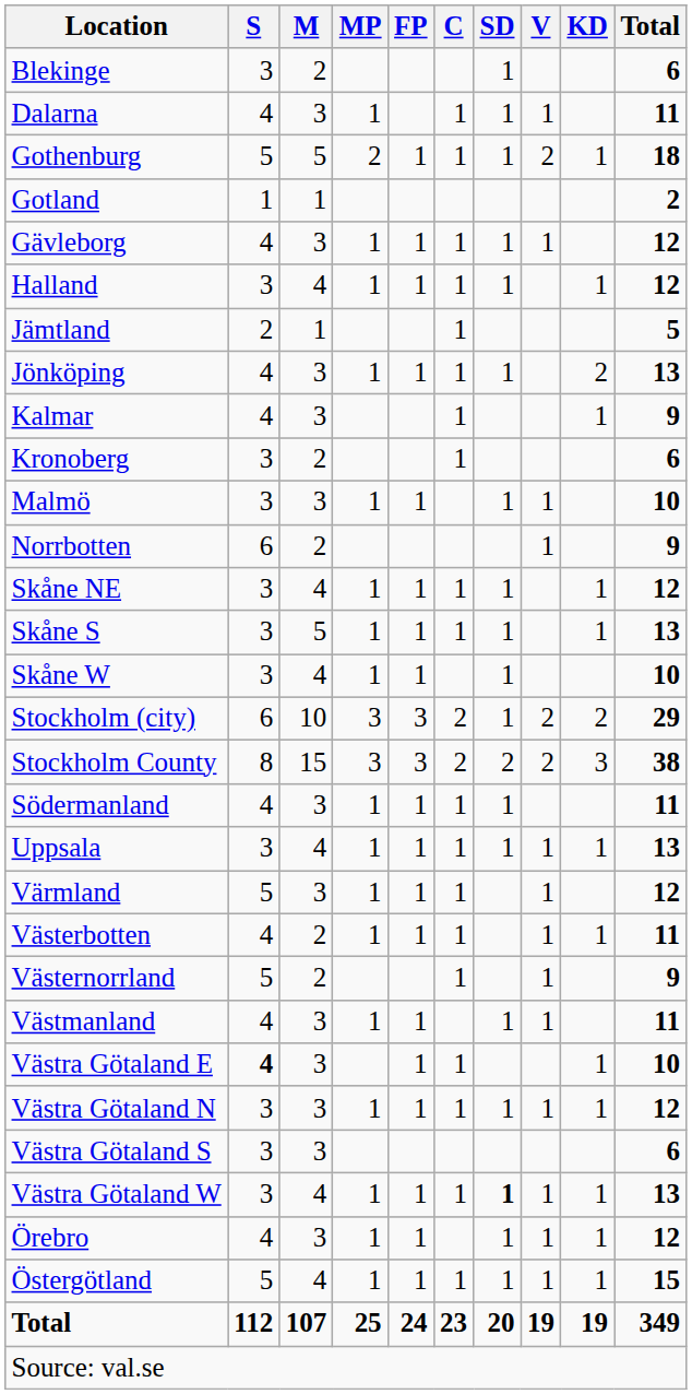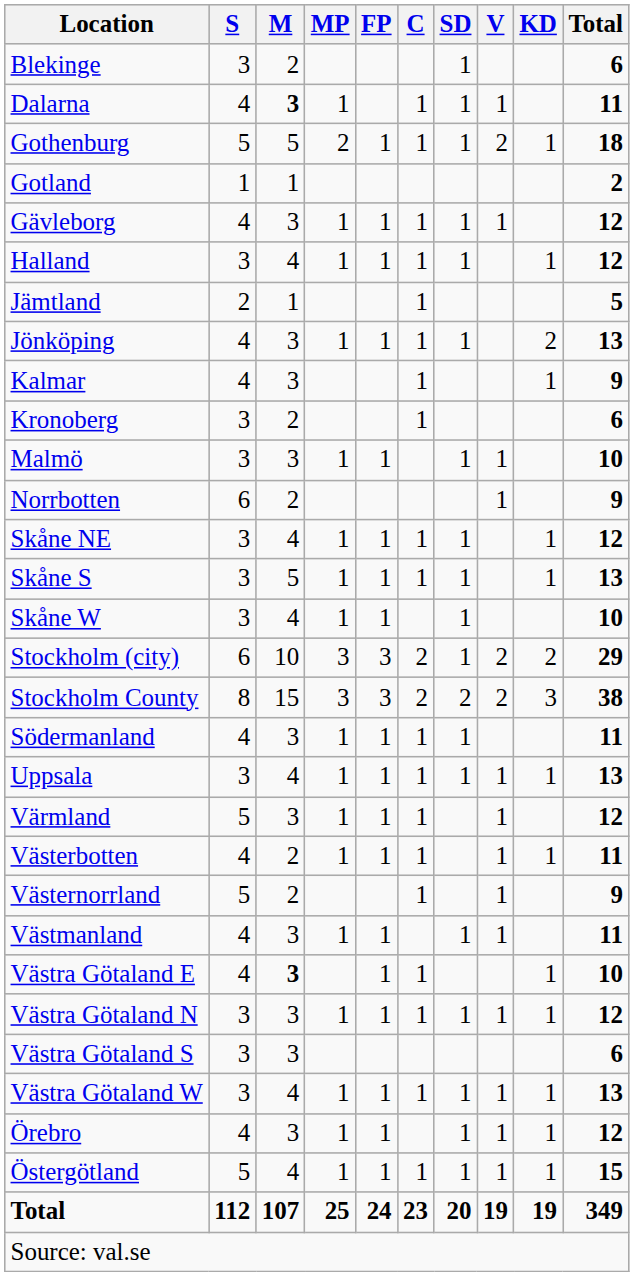 <table class="wikitable sortable" style=text-align:right>
 <tr>
 <th>Location</th>
 <th><a href='#'>S</a></th>
 <th><a href='#'>M</a></th>
 <th><a href='#'>MP</a></th>
 <th><a href='#'>FP</a></th>
 <th><a href='#'>C</a></th>
 <th><a href='#'>SD</a></th>
 <th><a href='#'>V</a></th>
 <th><a href='#'>KD</a></th>
 <th>Total</th>
 </tr>
 <tr>
 <td align=left><a href='#'>Blekinge</a></td>
 <td>3</td>
 <td>2</td>
 <td></td>
 <td></td>
 <td></td>
 <td>1</td>
 <td></td>
 <td></td>
 <td><strong>6</strong></td>
 </tr>
 <tr>
 <td align=left><a href='#'>Dalarna</a></td>
 <td>4</td>
-<td>3</td>
+<td><strong>3</strong></td>
 <td>1</td>
 <td></td>
 <td>1</td>
 <td>1</td>
 <td>1</td>
 <td></td>
 <td><strong>11</strong></td>
 </tr>
 <tr>
 <td align=left><a href='#'>Gothenburg</a></td>
 <td>5</td>
 <td>5</td>
 <td>2</td>
 <td>1</td>
 <td>1</td>
 <td>1</td>
 <td>2</td>
 <td>1</td>
 <td><strong>18</strong></td>
 </tr>
 <tr>
 <td align=left><a href='#'>Gotland</a></td>
 <td>1</td>
 <td>1</td>
 <td></td>
 <td></td>
 <td></td>
 <td></td>
 <td></td>
 <td></td>
 <td><strong>2</strong></td>
 </tr>
 <tr>
 <td align=left><a href='#'>Gävleborg</a></td>
 <td>4</td>
 <td>3</td>
 <td>1</td>
 <td>1</td>
 <td>1</td>
 <td>1</td>
 <td>1</td>
 <td></td>
 <td><strong>12</strong></td>
 </tr>
 <tr>
 <td align=left><a href='#'>Halland</a></td>
 <td>3</td>
 <td>4</td>
 <td>1</td>
 <td>1</td>
 <td>1</td>
 <td>1</td>
 <td></td>
 <td>1</td>
 <td><strong>12</strong></td>
 </tr>
 <tr>
 <td align=left><a href='#'>Jämtland</a></td>
 <td>2</td>
 <td>1</td>
 <td></td>
 <td></td>
 <td>1</td>
 <td></td>
 <td></td>
 <td></td>
 <td><strong>5</strong></td>
 </tr>
 <tr>
 <td align=left><a href='#'>Jönköping</a></td>
 <td>4</td>
 <td>3</td>
 <td>1</td>
 <td>1</td>
 <td>1</td>
 <td>1</td>
 <td></td>
 <td>2</td>
 <td><strong>13</strong></td>
 </tr>
 <tr>
 <td align=left><a href='#'>Kalmar</a></td>
 <td>4</td>
 <td>3</td>
 <td></td>
 <td></td>
 <td>1</td>
 <td></td>
 <td></td>
 <td>1</td>
 <td><strong>9</strong></td>
 </tr>
 <tr>
 <td align=left><a href='#'>Kronoberg</a></td>
 <td>3</td>
 <td>2</td>
 <td></td>
 <td></td>
 <td>1</td>
 <td></td>
 <td></td>
 <td></td>
 <td><strong>6</strong></td>
 </tr>
 <tr>
 <td align=left><a href='#'>Malmö</a></td>
 <td>3</td>
 <td>3</td>
 <td>1</td>
 <td>1</td>
 <td></td>
 <td>1</td>
 <td>1</td>
 <td></td>
 <td><strong>10</strong></td>
 </tr>
 <tr>
 <td align=left><a href='#'>Norrbotten</a></td>
 <td>6</td>
 <td>2</td>
 <td></td>
 <td></td>
 <td></td>
 <td></td>
 <td>1</td>
 <td></td>
 <td><strong>9</strong></td>
 </tr>
 <tr>
 <td align=left><a href='#'>Skåne NE</a></td>
 <td>3</td>
 <td>4</td>
 <td>1</td>
 <td>1</td>
 <td>1</td>
 <td>1</td>
 <td></td>
 <td>1</td>
 <td><strong>12</strong></td>
 </tr>
 <tr>
 <td align=left><a href='#'>Skåne S</a></td>
 <td>3</td>
 <td>5</td>
 <td>1</td>
 <td>1</td>
 <td>1</td>
 <td>1</td>
 <td></td>
 <td>1</td>
 <td><strong>13</strong></td>
 </tr>
 <tr>
 <td align=left><a href='#'>Skåne W</a></td>
 <td>3</td>
 <td>4</td>
 <td>1</td>
 <td>1</td>
 <td></td>
 <td>1</td>
 <td></td>
 <td></td>
 <td><strong>10</strong></td>
 </tr>
 <tr>
 <td align=left><a href='#'>Stockholm (city)</a></td>
 <td>6</td>
 <td>10</td>
 <td>3</td>
 <td>3</td>
 <td>2</td>
 <td>1</td>
 <td>2</td>
 <td>2</td>
 <td><strong>29</strong></td>
 </tr>
 <tr>
 <td align=left><a href='#'>Stockholm County</a></td>
 <td>8</td>
 <td>15</td>
 <td>3</td>
 <td>3</td>
 <td>2</td>
 <td>2</td>
 <td>2</td>
 <td>3</td>
 <td><strong>38</strong></td>
 </tr>
 <tr>
 <td align=left><a href='#'>Södermanland</a></td>
 <td>4</td>
 <td>3</td>
 <td>1</td>
 <td>1</td>
 <td>1</td>
 <td>1</td>
 <td></td>
 <td></td>
 <td><strong>11</strong></td>
 </tr>
 <tr>
 <td align=left><a href='#'>Uppsala</a></td>
 <td>3</td>
 <td>4</td>
 <td>1</td>
 <td>1</td>
 <td>1</td>
 <td>1</td>
 <td>1</td>
 <td>1</td>
 <td><strong>13</strong></td>
 </tr>
 <tr>
 <td align=left><a href='#'>Värmland</a></td>
 <td>5</td>
 <td>3</td>
 <td>1</td>
 <td>1</td>
 <td>1</td>
 <td></td>
 <td>1</td>
 <td></td>
 <td><strong>12</strong></td>
 </tr>
 <tr>
 <td align=left><a href='#'>Västerbotten</a></td>
 <td>4</td>
 <td>2</td>
 <td>1</td>
 <td>1</td>
 <td>1</td>
 <td></td>
 <td>1</td>
 <td>1</td>
 <td><strong>11</strong></td>
 </tr>
 <tr>
 <td align=left><a href='#'>Västernorrland</a></td>
 <td>5</td>
 <td>2</td>
 <td></td>
 <td></td>
 <td>1</td>
 <td></td>
 <td>1</td>
 <td></td>
 <td><strong>9</strong></td>
 </tr>
 <tr>
 <td align=left><a href='#'>Västmanland</a></td>
 <td>4</td>
 <td>3</td>
 <td>1</td>
 <td>1</td>
 <td></td>
 <td>1</td>
 <td>1</td>
 <td></td>
 <td><strong>11</strong></td>
 </tr>
 <tr>
 <td align=left><a href='#'>Västra Götaland E</a></td>
-<td><strong>4</strong></td>
-<td>3</td>
+<td>4</td>
+<td><strong>3</strong></td>
 <td></td>
 <td>1</td>
 <td>1</td>
 <td></td>
 <td></td>
 <td>1</td>
 <td><strong>10</strong></td>
 </tr>
 <tr>
 <td align=left><a href='#'>Västra Götaland N</a></td>
 <td>3</td>
 <td>3</td>
 <td>1</td>
 <td>1</td>
 <td>1</td>
 <td>1</td>
 <td>1</td>
 <td>1</td>
 <td><strong>12</strong></td>
 </tr>
 <tr>
 <td align=left><a href='#'>Västra Götaland S</a></td>
 <td>3</td>
 <td>3</td>
 <td></td>
 <td></td>
 <td></td>
 <td></td>
 <td></td>
 <td></td>
 <td><strong>6</strong></td>
 </tr>
 <tr>
 <td align=left><a href='#'>Västra Götaland W</a></td>
 <td>3</td>
 <td>4</td>
 <td>1</td>
 <td>1</td>
 <td>1</td>
-<td><strong>1</strong></td>
+<td>1</td>
 <td>1</td>
 <td>1</td>
 <td><strong>13</strong></td>
 </tr>
 <tr>
 <td align=left><a href='#'>Örebro</a></td>
 <td>4</td>
 <td>3</td>
 <td>1</td>
 <td>1</td>
 <td></td>
 <td>1</td>
 <td>1</td>
 <td>1</td>
 <td><strong>12</strong></td>
 </tr>
 <tr>
 <td align=left><a href='#'>Östergötland</a></td>
 <td>5</td>
 <td>4</td>
 <td>1</td>
 <td>1</td>
 <td>1</td>
 <td>1</td>
 <td>1</td>
 <td>1</td>
 <td><strong>15</strong></td>
 </tr>
 <tr>
 <td align=left><strong>Total</strong></td>
 <td><strong>112</strong></td>
 <td><strong>107</strong></td>
 <td><strong>25</strong></td>
 <td><strong>24</strong></td>
 <td><strong>23</strong></td>
 <td><strong>20</strong></td>
 <td><strong>19</strong></td>
 <td><strong>19</strong></td>
 <td><strong>349</strong></td>
 </tr>
 <tr>
 <td align=left colspan=10>Source: val.se </td>
 </tr>
 </table>
